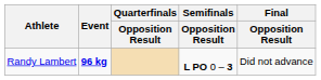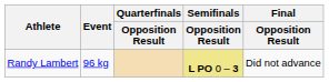 <table class="wikitable" border="1" style="font-size:90%">
 <tr>
 <th rowspan=2>Athlete</th>
 <th rowspan=2>Event</th>
 <th>Quarterfinals</th>
 <th>Semifinals</th>
 <th>Final</th>
 </tr>
 <tr>
 <th>Opposition<br>Result</th>
 <th>Opposition<br>Result</th>
 <th>Opposition<br>Result</th>
 </tr>
 <tr>
 <td><a href='#'>Randy Lambert</a></td>
-<td><strong><a href='#'>96 kg</a></strong></td>
+<td><a href='#'>96 kg</a></td>
 <td bgcolor=wheat></td>
-<td align=center><br><strong>L PO</strong> 0 – <strong>3</strong></td>
+<td align=center style="background: khaki;"><br><strong>L PO</strong> 0 – <strong>3</strong></td>
 <td align=center colspan="7">Did not advance</td>
 </tr>
 </table>
